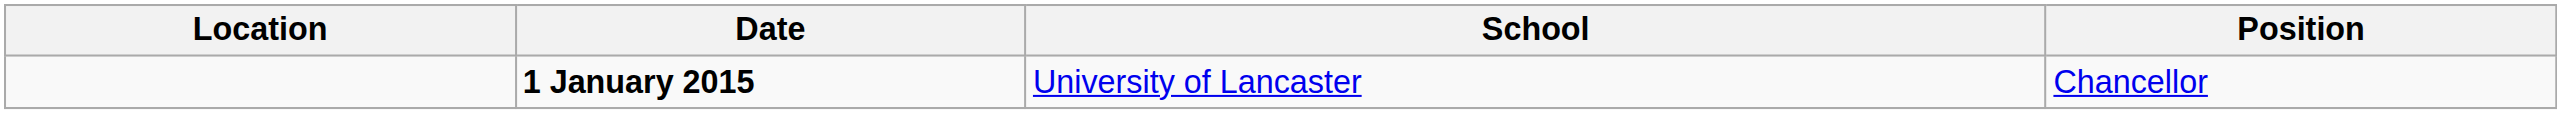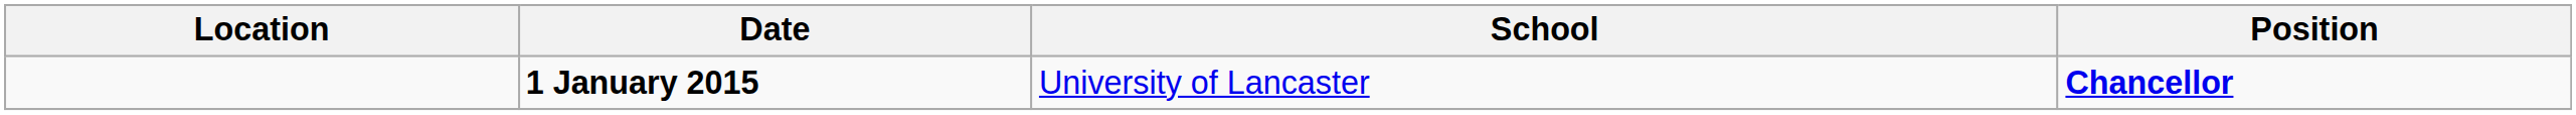 <table class="wikitable" style="width:100%;">
 <tr>
 <th style="width:20%;">Location</th>
 <th style="width:20%;">Date</th>
 <th style="width:40%;">School</th>
 <th style="width:20%;">Position</th>
 </tr>
 <tr>
 <td></td>
 <td><strong>1 January 2015</strong></td>
 <td><a href='#'>University of Lancaster</a></td>
-<td><a href='#'>Chancellor</a></td>
+<td><strong><a href='#'>Chancellor</a></strong></td>
 </tr>
 <tr>
 </tr>
 </table>
